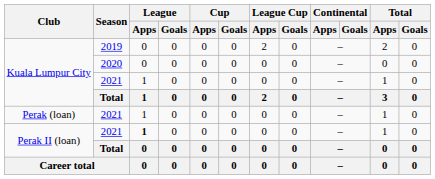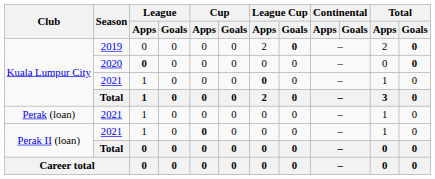 <table class=wikitable style=text-align:center>
 <tr>
 <th rowspan="2">Club</th>
 <th rowspan="2">Season</th>
 <th colspan="2">League</th>
 <th colspan="2">Cup</th>
 <th colspan="2">League Cup</th>
 <th colspan="2">Continental</th>
 <th colspan="2">Total</th>
 </tr>
 <tr>
 <th>Apps</th>
 <th>Goals</th>
 <th>Apps</th>
 <th>Goals</th>
 <th>Apps</th>
 <th>Goals</th>
 <th>Apps</th>
 <th>Goals</th>
 <th>Apps</th>
 <th>Goals</th>
 </tr>
 <tr>
 <td rowspan="4" valign="center"><a href='#'>Kuala Lumpur City</a></td>
 <td><a href='#'>2019</a></td>
 <td>0</td>
 <td>0</td>
 <td>0</td>
 <td>0</td>
 <td>2</td>
-<td>0</td>
+<td><strong>0</strong></td>
 <td colspan="2">–</td>
 <td>2</td>
-<td>0</td>
+<td><strong>0</strong></td>
 </tr>
 <tr>
 <td><a href='#'>2020</a></td>
-<td>0</td>
+<td><strong>0</strong></td>
 <td>0</td>
 <td>0</td>
 <td>0</td>
 <td>0</td>
 <td>0</td>
 <td colspan="2">–</td>
 <td>0</td>
-<td>0</td>
+<td><strong>0</strong></td>
 </tr>
 <tr>
 <td><a href='#'>2021</a></td>
 <td>1</td>
 <td>0</td>
 <td>0</td>
 <td>0</td>
-<td>0</td>
+<td><strong>0</strong></td>
 <td>0</td>
 <td colspan="2">–</td>
 <td>1</td>
 <td>0</td>
 </tr>
 <tr>
 <th>Total</th>
 <th>1</th>
 <th>0</th>
 <th>0</th>
 <th>0</th>
 <th>2</th>
 <th>0</th>
 <th colspan="2">–</th>
 <th>3</th>
 <th>0</th>
 </tr>
 <tr>
 <td rowspan="1" valign="center"><a href='#'>Perak</a> (loan)</td>
 <td><a href='#'>2021</a></td>
 <td>1</td>
 <td>0</td>
 <td>0</td>
 <td>0</td>
 <td>0</td>
 <td>0</td>
 <td colspan="2">–</td>
 <td>1</td>
 <td>0</td>
 </tr>
 <tr>
 <td rowspan="2" valign="center"><a href='#'>Perak II</a> (loan)</td>
 <td><a href='#'>2021</a></td>
-<td><strong>1</strong></td>
+<td>1</td>
 <td>0</td>
-<td>0</td>
+<td><strong>0</strong></td>
 <td>0</td>
 <td>0</td>
 <td>0</td>
 <td colspan="2">–</td>
 <td>1</td>
 <td>0</td>
 </tr>
 <tr>
 <th>Total</th>
 <th>0</th>
 <th>0</th>
 <th>0</th>
 <th>0</th>
 <th>0</th>
 <th>0</th>
 <th colspan="2">–</th>
 <th>0</th>
 <th>0</th>
 </tr>
 <tr>
 <th colspan=2>Career total</th>
 <th>0</th>
 <th>0</th>
 <th>0</th>
 <th>0</th>
 <th>0</th>
 <th>0</th>
 <th colspan="2">–</th>
 <th>0</th>
 <th>0</th>
 </tr>
 </table>
